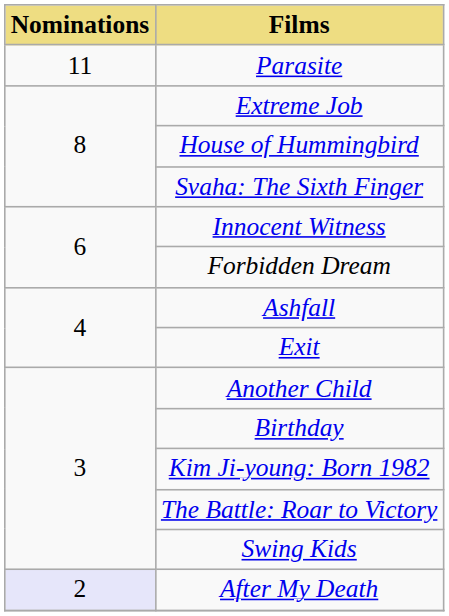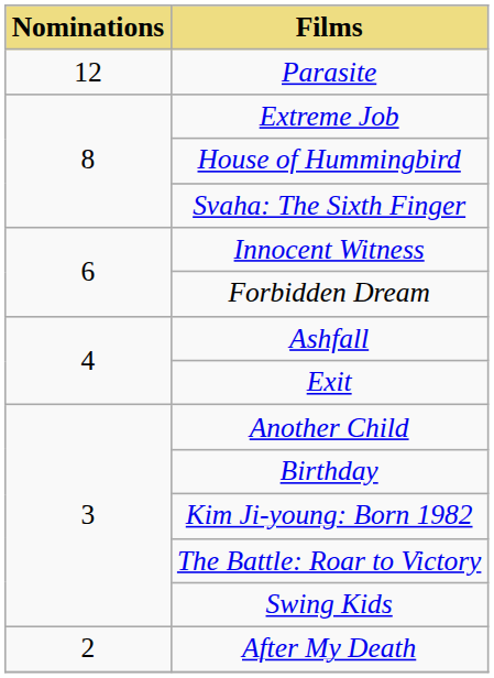 <table class="wikitable plainrowheaders" style="text-align:center;">
 <tr>
 <th style="background:#EEDD82;" ! align="center">Nominations</th>
 <th style="background:#EEDD82;" ! align="center">Films</th>
 </tr>
 <tr>
-<td style="text-align:center">11</td>
+<td style="text-align:center">12</td>
 <td><em><a href='#'> Parasite</a></em></td>
 </tr>
 <tr>
 <td rowspan="3" style="text-align:center">8</td>
 <td><em><a href='#'>Extreme Job</a></em></td>
 </tr>
 <tr>
 <td><em><a href='#'>House of Hummingbird</a></em></td>
 </tr>
 <tr>
 <td><em><a href='#'>Svaha: The Sixth Finger</a></em></td>
 </tr>
 <tr>
 <td rowspan="2" style="text-align:center">6</td>
 <td><em><a href='#'>Innocent Witness</a></em></td>
 </tr>
 <tr>
 <td><em>Forbidden Dream</em></td>
 </tr>
 <tr>
 <td rowspan="2" style="text-align:center">4</td>
 <td><em><a href='#'> Ashfall</a></em></td>
 </tr>
 <tr>
 <td><em><a href='#'> Exit</a></em></td>
 </tr>
 <tr>
 <td rowspan="5" style="text-align:center">3</td>
 <td><em><a href='#'>Another Child</a></em></td>
 </tr>
 <tr>
 <td><em><a href='#'> Birthday</a></em></td>
 </tr>
 <tr>
 <td><em><a href='#'>Kim Ji-young: Born 1982</a></em></td>
 </tr>
 <tr>
 <td><em><a href='#'>The Battle: Roar to Victory</a></em></td>
 </tr>
 <tr>
 <td><em><a href='#'> Swing Kids</a></em></td>
 </tr>
 <tr>
-<td style="background: lavender; text-align:center">2</td>
+<td style="text-align:center">2</td>
 <td><em><a href='#'>After My Death</a></em></td>
 </tr>
 <tr>
 </tr>
 </table>
